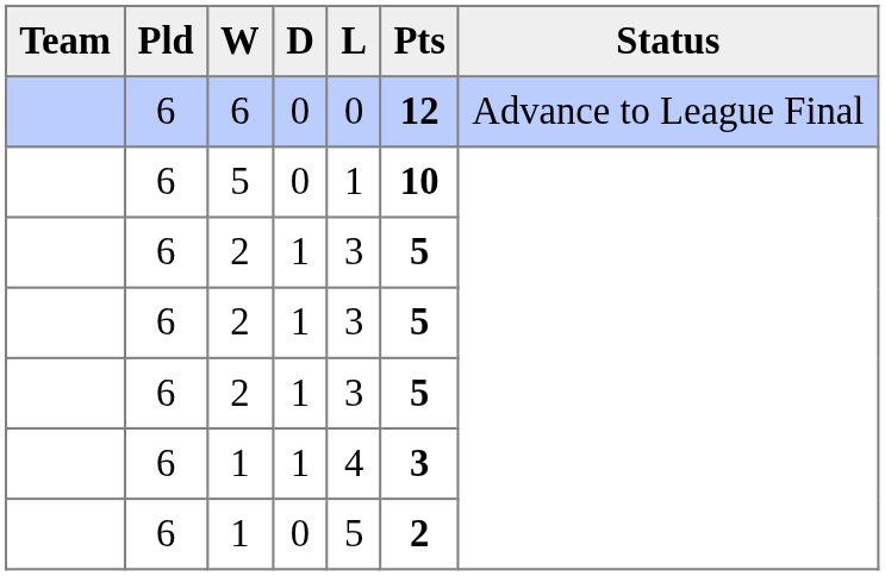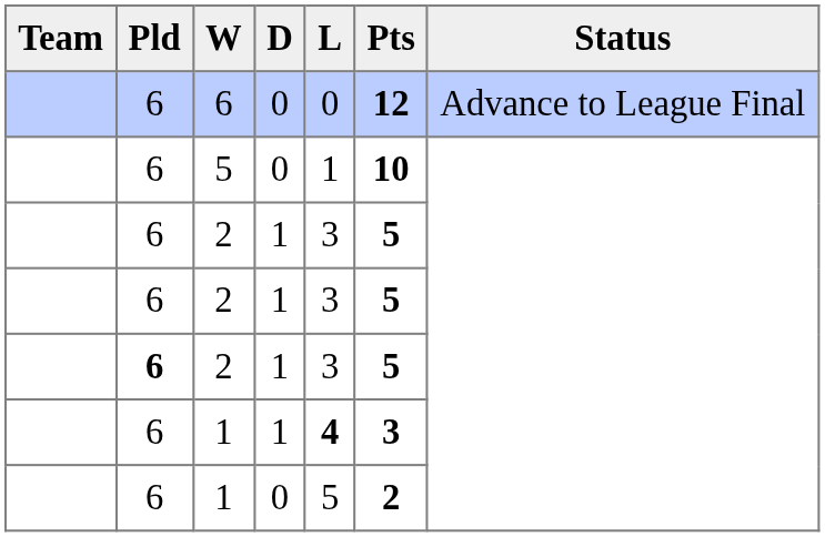 <table style=border-collapse:collapse border=1 cellspacing=0 cellpadding=5>
 <tr align=center bgcolor=#efefef>
 <th>Team</th>
 <th>Pld</th>
 <th>W</th>
 <th>D</th>
 <th>L</th>
 <th>Pts</th>
 <th>Status</th>
 </tr>
 <tr align=center style="background:#bbccff;">
 <td style="text-align:left;"> </td>
 <td>6</td>
 <td>6</td>
 <td>0</td>
 <td>0</td>
 <td><strong>12</strong></td>
 <td rowspan=1>Advance to League Final</td>
 </tr>
 <tr align=center style="background:#FFFFFF;">
 <td style="text-align:left;"> </td>
 <td>6</td>
 <td>5</td>
 <td>0</td>
 <td>1</td>
 <td><strong>10</strong></td>
 <td rowspan=6></td>
 </tr>
 <tr align=center style="background:#FFFFFF;">
 <td style="text-align:left;"> </td>
 <td>6</td>
 <td>2</td>
 <td>1</td>
 <td>3</td>
 <td><strong>5</strong></td>
 </tr>
 <tr align=center style="background:#FFFFFF;">
 <td style="text-align:left;"> </td>
 <td>6</td>
 <td>2</td>
 <td>1</td>
 <td>3</td>
 <td><strong>5</strong></td>
 </tr>
 <tr align=center style="background:#FFFFFF;">
 <td style="text-align:left;"> </td>
-<td>6</td>
+<td><strong>6</strong></td>
 <td>2</td>
 <td>1</td>
 <td>3</td>
 <td><strong>5</strong></td>
 </tr>
 <tr align=center style="background:#FFFFFF;">
 <td style="text-align:left;"> </td>
 <td>6</td>
 <td>1</td>
 <td>1</td>
-<td>4</td>
+<td><strong>4</strong></td>
 <td><strong>3</strong></td>
 </tr>
 <tr align=center style="background:#FFFFFF;">
 <td style="text-align:left;"> </td>
 <td>6</td>
 <td>1</td>
 <td>0</td>
 <td>5</td>
 <td><strong>2</strong></td>
 </tr>
 </table>
